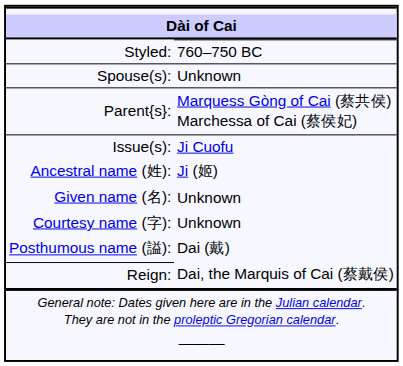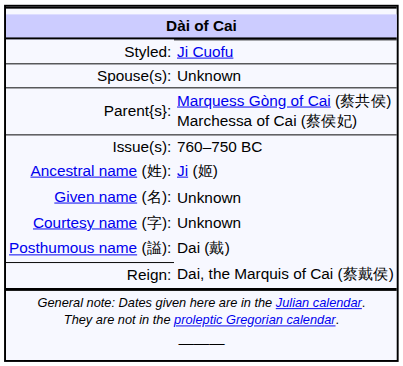 <table cellpadding=3px cellspacing=0px bgcolor=#f7f8ff style="float:right; border:2px solid; margin:5px">
 <tr>
 <td colspan=2 align=center style="border-top:2px solid"></td>
 </tr>
 <tr>
 <th align=center style="background:#ccf; border-bottom:2px solid" colspan=2>Dài of Cai</th>
 </tr>
 <tr>
 <td align="right">Styled:</td>
-<td style="border-top:1px solid">760–750 BC</td>
+<td style="border-top:1px solid"><a href='#'>Ji Cuofu</a></td>
 </tr>
 <tr>
 <td align=right style="border-top:1px solid">Spouse(s):</td>
 <td style="border-top:1px solid">Unknown</td>
 </tr>
 <tr>
 <td align=right style="border-top:1px solid">Parent{s}:</td>
 <td style="border-top:1px solid"><a href='#'>Marquess Gòng of Cai</a> (蔡共侯) <br> Marchessa of Cai (蔡侯妃)</td>
 </tr>
 <tr>
 <td align=right style="border-top:1px solid">Issue(s):</td>
-<td style="border-top:1px solid"><a href='#'>Ji Cuofu</a></td>
+<td style="border-top:1px solid">760–750 BC</td>
 </tr>
 <tr>
 <td align="right"><a href='#'>Ancestral name</a> (姓):</td>
 <td><a href='#'>Ji</a> (姬)</td>
 </tr>
 <tr>
 <td align="right"><a href='#'>Given name</a> (名):</td>
 <td>Unknown</td>
 </tr>
 <tr>
 <td align="right"><a href='#'>Courtesy name</a> (字):</td>
 <td>Unknown</td>
 </tr>
 <tr>
 <td align="right" nowrap="nowrap"><a href='#'>Posthumous name</a> (謚):</td>
 <td>Dai (戴)</td>
 </tr>
 <tr>
 <td align=right style="border-top:1px solid">Reign:</td>
 <td>Dai, the Marquis of Cai (蔡戴侯)</td>
 </tr>
 <tr>
 <td colspan=2 align=center style="border-top:3px solid"><small><em>General note: Dates given here are in the <a href='#'>Julian calendar</a></em>.<br><em>They are not in the <a href='#'>proleptic Gregorian calendar</a></em>.</small></td>
 </tr>
 <tr>
 <td colspan=2 align=center>———</td>
 </tr>
 <tr>
 <td></td>
 </tr>
 <tr>
 </tr>
 </table>
